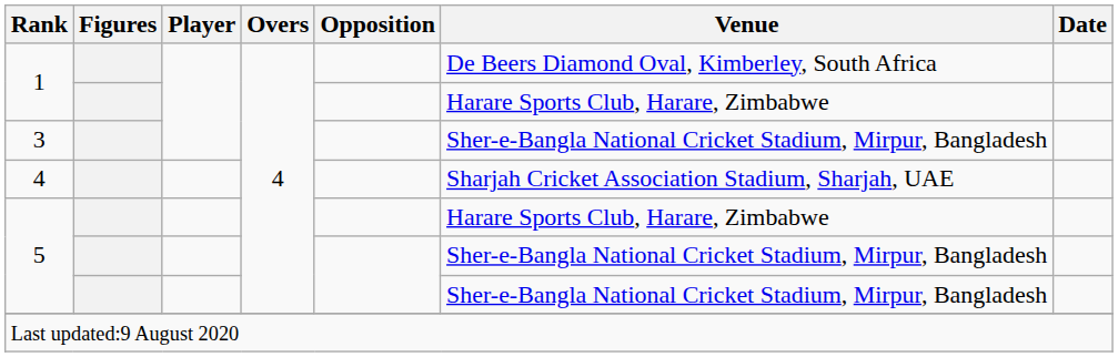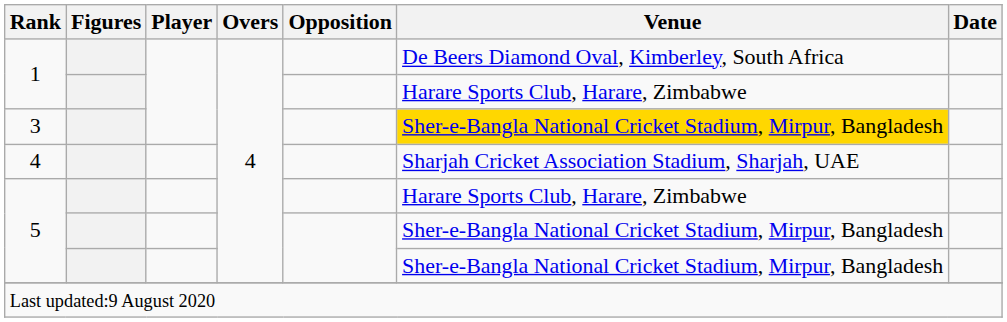 <table class="wikitable plainrowheaders sortable">
 <tr>
 <th scope=col>Rank</th>
 <th scope=col>Figures</th>
 <th scope=col>Player</th>
 <th scope=col>Overs</th>
 <th scope=col>Opposition</th>
 <th scope=col>Venue</th>
 <th scope=col>Date</th>
 </tr>
 <tr>
 <td align=center rowspan=2>1</td>
 <th scope=row style=text-align:center;></th>
 <td rowspan=3></td>
 <td align=center rowspan=7>4</td>
 <td></td>
 <td><a href='#'>De Beers Diamond Oval</a>, <a href='#'>Kimberley</a>, South Africa</td>
 <td></td>
 </tr>
 <tr>
 <th scope=row style=text-align:center;></th>
 <td></td>
 <td><a href='#'>Harare Sports Club</a>, <a href='#'>Harare</a>, Zimbabwe</td>
 <td></td>
 </tr>
 <tr>
 <td align=center>3</td>
 <th scope=row style=text-align:center;></th>
 <td></td>
-<td><a href='#'>Sher-e-Bangla National Cricket Stadium</a>, <a href='#'>Mirpur</a>, Bangladesh</td>
+<td style="background: gold;"><a href='#'>Sher-e-Bangla National Cricket Stadium</a>, <a href='#'>Mirpur</a>, Bangladesh</td>
 <td></td>
 </tr>
 <tr>
 <td align=center>4</td>
 <th scope=row style=text-align:center;></th>
 <td></td>
 <td></td>
 <td><a href='#'>Sharjah Cricket Association Stadium</a>, <a href='#'>Sharjah</a>, UAE</td>
 <td></td>
 </tr>
 <tr>
 <td align=center rowspan=3>5</td>
 <th scope=row style=text-align:center;></th>
 <td></td>
 <td></td>
 <td><a href='#'>Harare Sports Club</a>, <a href='#'>Harare</a>, Zimbabwe</td>
 <td></td>
 </tr>
 <tr>
 <th scope=row style=text-align:center;></th>
 <td></td>
 <td rowspan=2></td>
 <td><a href='#'>Sher-e-Bangla National Cricket Stadium</a>, <a href='#'>Mirpur</a>, Bangladesh</td>
 <td></td>
 </tr>
 <tr>
 <th scope=row style=text-align:center;></th>
 <td></td>
 <td><a href='#'>Sher-e-Bangla National Cricket Stadium</a>, <a href='#'>Mirpur</a>, Bangladesh</td>
 <td></td>
 </tr>
 <tr>
 </tr>
 <tr class=sortbottom>
 <td colspan=7><small>Last updated:9 August 2020</small></td>
 </tr>
 </table>
